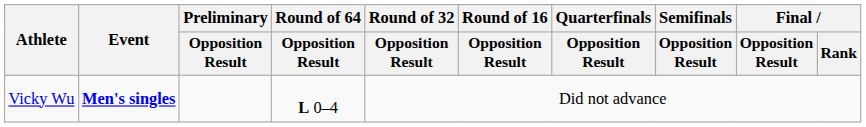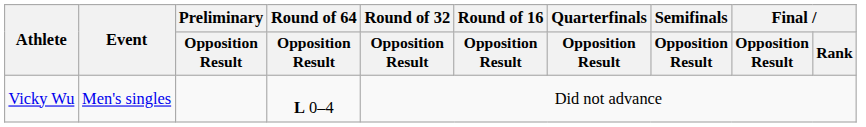 <table class=wikitable style=font-size:90%;text-align:center>
 <tr>
 <th rowspan=2>Athlete</th>
 <th rowspan=2>Event</th>
 <th>Preliminary</th>
 <th>Round of 64</th>
 <th>Round of 32</th>
 <th>Round of 16</th>
 <th>Quarterfinals</th>
 <th>Semifinals</th>
 <th colspan=2>Final / </th>
 </tr>
 <tr style=font-size:95%>
 <th>Opposition<br>Result</th>
 <th>Opposition<br>Result</th>
 <th>Opposition<br>Result</th>
 <th>Opposition<br>Result</th>
 <th>Opposition<br>Result</th>
 <th>Opposition<br>Result</th>
 <th>Opposition<br>Result</th>
 <th>Rank</th>
 </tr>
 <tr>
 <td align=left><a href='#'>Vicky Wu</a></td>
-<td align=left><strong><a href='#'>Men's singles</a></strong></td>
+<td align=left><a href='#'>Men's singles</a></td>
 <td></td>
 <td><br><strong>L</strong> 0–4</td>
 <td colspan="6">Did not advance</td>
 </tr>
 </table>
